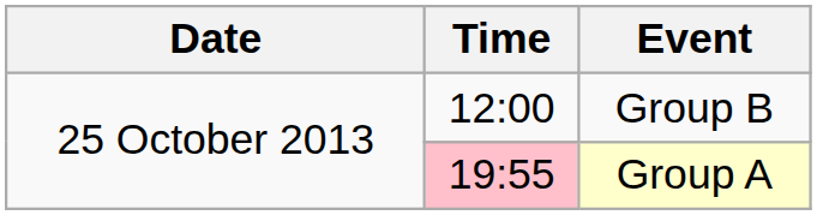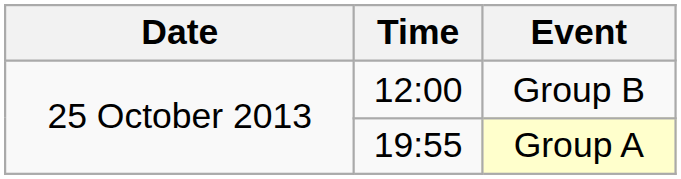 <table class = "wikitable" style="text-align:center;">
 <tr>
 <th width=150>Date</th>
 <th width=50>Time</th>
 <th width=80>Event</th>
 </tr>
 <tr>
 <td rowspan=2>25 October 2013</td>
 <td>12:00</td>
 <td>Group B</td>
 </tr>
 <tr>
-<td style="background: pink;">19:55</td>
+<td>19:55</td>
 <td bgcolor=ffffcc>Group A</td>
 </tr>
 </table>
